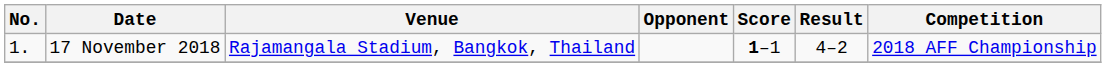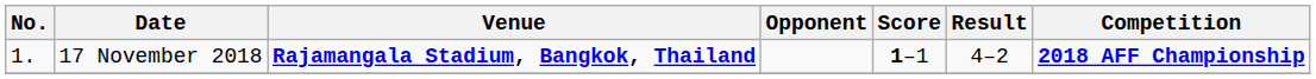 <table class="wikitable" style="font-size:100%;">
 <tr>
 <th>No.</th>
 <th>Date</th>
 <th>Venue</th>
 <th>Opponent</th>
 <th>Score</th>
 <th>Result</th>
 <th>Competition</th>
 </tr>
 <tr>
 <td>1.</td>
 <td>17 November 2018</td>
-<td><a href='#'>Rajamangala Stadium</a>, <a href='#'>Bangkok</a>, <a href='#'>Thailand</a></td>
+<td><strong><a href='#'>Rajamangala Stadium</a>, <a href='#'>Bangkok</a>, <a href='#'>Thailand</a></strong></td>
 <td></td>
 <td align=center><strong>1</strong>–1</td>
 <td align=center>4–2</td>
-<td><a href='#'>2018 AFF Championship</a></td>
+<td><strong><a href='#'>2018 AFF Championship</a></strong></td>
 </tr>
 <tr>
 </tr>
 </table>
